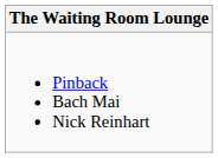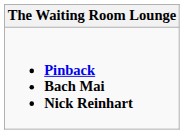 <table class="wikitable">
 <tr>
 <th>The Waiting Room Lounge</th>
 </tr>
 <tr valign="top">
-<td><br><ul><li><a href='#'>Pinback</a></li><li>Bach Mai</li><li>Nick Reinhart</li></ul></td>
+<td><strong><br><ul><li><a href='#'>Pinback</a></li><li>Bach Mai</li><li>Nick Reinhart</li></ul></strong></td>
 </tr>
 </table>
